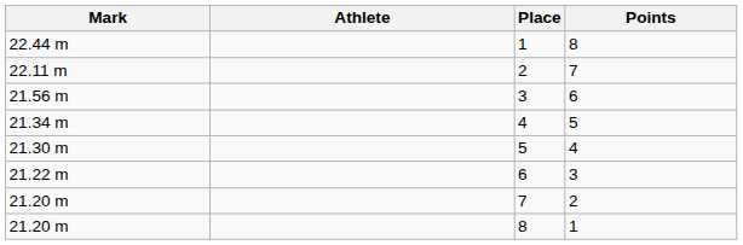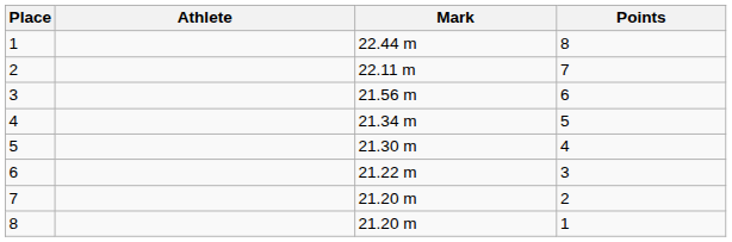 <table class=wikitable>
 <tr>
+<th>Place</th>
+<th style="width:18em">Athlete</th>
 <th style="width:12em">Mark</th>
-<th style="width:18em">Athlete</th>
-<th>Place</th>
 <th style="width:10em">Points</th>
 </tr>
 <tr>
+<td>1</td>
+<td></td>
 <td>22.44 m </td>
-<td></td>
-<td>1</td>
 <td>8</td>
 </tr>
 <tr>
+<td>2</td>
+<td></td>
 <td>22.11 m</td>
-<td></td>
-<td>2</td>
 <td>7</td>
 </tr>
 <tr>
+<td>3</td>
+<td></td>
 <td>21.56 m</td>
-<td></td>
-<td>3</td>
 <td>6</td>
 </tr>
 <tr>
+<td>4</td>
+<td></td>
 <td>21.34 m</td>
-<td></td>
-<td>4</td>
 <td>5</td>
 </tr>
 <tr>
+<td>5</td>
+<td></td>
 <td>21.30 m</td>
-<td></td>
-<td>5</td>
 <td>4</td>
 </tr>
 <tr>
+<td>6</td>
+<td></td>
 <td>21.22 m</td>
-<td></td>
-<td>6</td>
 <td>3</td>
 </tr>
 <tr>
+<td>7</td>
+<td></td>
 <td>21.20 m</td>
-<td></td>
-<td>7</td>
 <td>2</td>
 </tr>
 <tr>
+<td>8</td>
+<td></td>
 <td>21.20 m</td>
-<td></td>
-<td>8</td>
 <td>1</td>
 </tr>
 </table>
